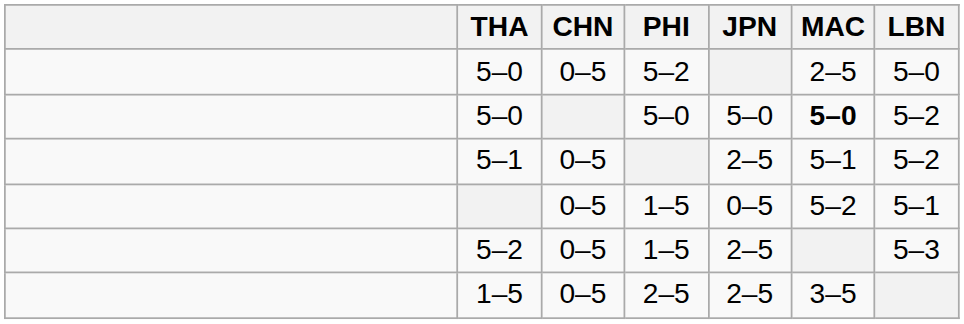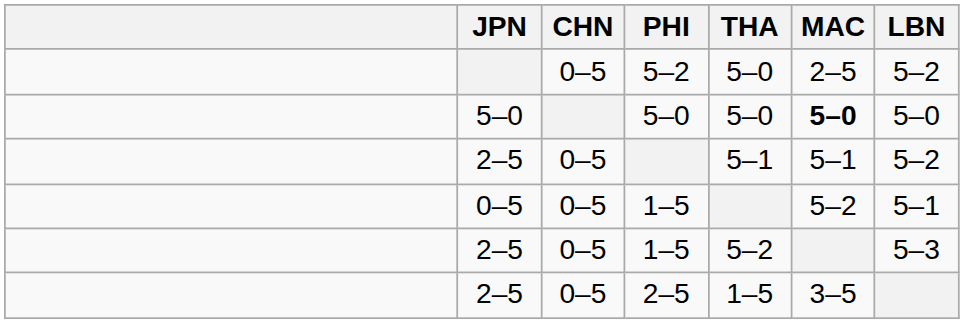 <table class="wikitable" style="text-align:center">
 <tr>
 <th width="250"> </th>
-<th width="40">THA</th>
+<th width="40">JPN</th>
 <th width="40">CHN</th>
 <th width="40">PHI</th>
-<th width="40">JPN</th>
+<th width="40">THA</th>
 <th width="40">MAC</th>
 <th width="40">LBN</th>
 </tr>
 <tr>
 <td align=left></td>
-<td>5–0</td>
+<th></th>
 <td>0–5</td>
 <td>5–2</td>
-<th></th>
+<td>5–0</td>
 <td>2–5</td>
-<td>5–0</td>
+<td>5–2</td>
 </tr>
 <tr>
 <td align=left></td>
 <td>5–0</td>
 <th></th>
 <td>5–0</td>
 <td>5–0</td>
 <td><strong>5–0</strong></td>
-<td>5–2</td>
+<td>5–0</td>
 </tr>
 <tr>
 <td align=left></td>
-<td>5–1</td>
+<td>2–5</td>
 <td>0–5</td>
 <th></th>
-<td>2–5</td>
+<td>5–1</td>
 <td>5–1</td>
 <td>5–2</td>
 </tr>
 <tr>
 <td align=left></td>
-<th></th>
+<td>0–5</td>
 <td>0–5</td>
 <td>1–5</td>
-<td>0–5</td>
+<th></th>
 <td>5–2</td>
 <td>5–1</td>
 </tr>
 <tr>
 <td align=left></td>
-<td>5–2</td>
+<td>2–5</td>
 <td>0–5</td>
 <td>1–5</td>
-<td>2–5</td>
+<td>5–2</td>
 <th></th>
 <td>5–3</td>
 </tr>
 <tr>
 <td align=left></td>
-<td>1–5</td>
+<td>2–5</td>
 <td>0–5</td>
 <td>2–5</td>
-<td>2–5</td>
+<td>1–5</td>
 <td>3–5</td>
 <th></th>
 </tr>
 </table>
